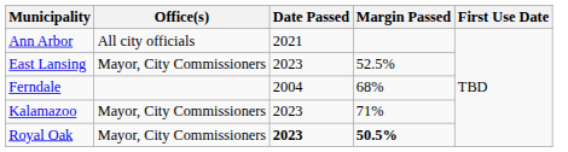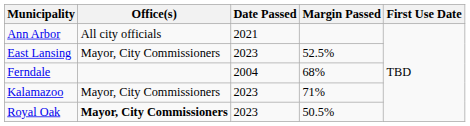 <table class="wikitable">
 <tr>
 <th>Municipality</th>
 <th>Office(s)</th>
 <th>Date Passed</th>
 <th>Margin Passed</th>
 <th>First Use Date</th>
 </tr>
 <tr>
 <td><a href='#'>Ann Arbor</a></td>
 <td>All city officials</td>
 <td>2021</td>
 <td></td>
 <td rowspan=5>TBD</td>
 </tr>
 <tr>
 <td><a href='#'>East Lansing</a></td>
 <td>Mayor, City Commissioners </td>
 <td>2023</td>
 <td>52.5%</td>
 </tr>
 <tr>
 <td><a href='#'>Ferndale</a></td>
 <td></td>
 <td>2004</td>
 <td>68%</td>
 </tr>
 <tr>
 <td><a href='#'>Kalamazoo</a></td>
 <td>Mayor, City Commissioners </td>
 <td>2023</td>
 <td>71%</td>
 </tr>
 <tr>
 <td><a href='#'>Royal Oak</a></td>
-<td>Mayor, City Commissioners </td>
-<td><strong>2023</strong></td>
-<td><strong>50.5%</strong></td>
+<td><strong>Mayor, City Commissioners </strong></td>
+<td>2023</td>
+<td>50.5%</td>
 </tr>
 </table>
